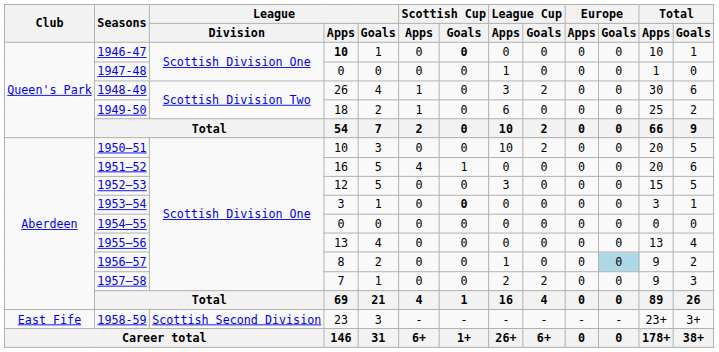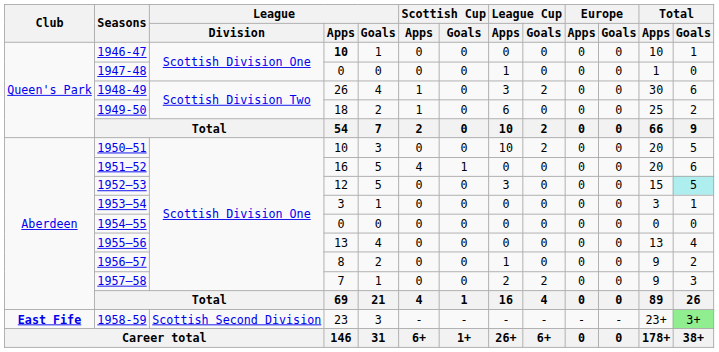 <table class=wikitable style="text-align: center;">
 <tr>
 <th rowspan="2">Club</th>
 <th rowspan="2">Seasons</th>
 <th colspan="3">League</th>
 <th colspan="2">Scottish Cup</th>
 <th colspan="2">League Cup</th>
 <th colspan="2">Europe</th>
 <th colspan="2">Total</th>
 </tr>
 <tr>
 <th>Division</th>
 <th>Apps</th>
 <th>Goals</th>
 <th>Apps</th>
 <th>Goals</th>
 <th>Apps</th>
 <th>Goals</th>
 <th>Apps</th>
 <th>Goals</th>
 <th>Apps</th>
 <th>Goals</th>
 </tr>
 <tr>
 <td rowspan="5"><a href='#'>Queen's Park</a></td>
 <td><a href='#'>1946-47</a></td>
 <td rowspan="2"><a href='#'>Scottish Division One</a></td>
 <td><strong>10</strong></td>
 <td>1</td>
 <td>0</td>
-<td><strong>0</strong></td>
+<td>0</td>
 <td>0</td>
 <td>0</td>
 <td>0</td>
 <td>0</td>
 <td>10</td>
 <td>1</td>
 </tr>
 <tr>
 <td><a href='#'>1947-48</a></td>
 <td>0</td>
 <td>0</td>
 <td>0</td>
 <td>0</td>
 <td>1</td>
 <td>0</td>
 <td>0</td>
 <td>0</td>
 <td>1</td>
 <td>0</td>
 </tr>
 <tr>
 <td><a href='#'>1948-49</a></td>
 <td rowspan="2"><a href='#'>Scottish Division Two</a></td>
 <td>26</td>
 <td>4</td>
 <td>1</td>
 <td>0</td>
 <td>3</td>
 <td>2</td>
 <td>0</td>
 <td>0</td>
 <td>30</td>
 <td>6</td>
 </tr>
 <tr>
 <td><a href='#'>1949-50</a></td>
 <td>18</td>
 <td>2</td>
 <td>1</td>
 <td>0</td>
 <td>6</td>
 <td>0</td>
 <td>0</td>
 <td>0</td>
 <td>25</td>
 <td>2</td>
 </tr>
 <tr>
 <th colspan="2">Total</th>
 <th>54</th>
 <th>7</th>
 <th>2</th>
 <th>0</th>
 <th>10</th>
 <th>2</th>
 <th>0</th>
 <th>0</th>
 <th>66</th>
 <th>9</th>
 </tr>
 <tr>
 <td rowspan="9"><a href='#'>Aberdeen</a></td>
 <td><a href='#'>1950–51</a></td>
 <td rowspan="8"><a href='#'>Scottish Division One</a></td>
 <td>10</td>
 <td>3</td>
 <td>0</td>
 <td>0</td>
 <td>10</td>
 <td>2</td>
 <td>0</td>
 <td>0</td>
 <td>20</td>
 <td>5</td>
 </tr>
 <tr>
 <td><a href='#'>1951–52</a></td>
 <td>16</td>
 <td>5</td>
 <td>4</td>
 <td>1</td>
 <td>0</td>
 <td>0</td>
 <td>0</td>
 <td>0</td>
 <td>20</td>
 <td>6</td>
 </tr>
 <tr>
 <td><a href='#'>1952–53</a></td>
 <td>12</td>
 <td>5</td>
 <td>0</td>
 <td>0</td>
 <td>3</td>
 <td>0</td>
 <td>0</td>
 <td>0</td>
 <td>15</td>
-<td>5</td>
+<td style="background: paleturquoise;">5</td>
 </tr>
 <tr>
 <td><a href='#'>1953–54</a></td>
 <td>3</td>
 <td>1</td>
 <td>0</td>
-<td><strong>0</strong></td>
+<td>0</td>
 <td>0</td>
 <td>0</td>
 <td>0</td>
 <td>0</td>
 <td>3</td>
 <td>1</td>
 </tr>
 <tr>
 <td><a href='#'>1954–55</a></td>
 <td>0</td>
 <td>0</td>
 <td>0</td>
 <td>0</td>
 <td>0</td>
 <td>0</td>
 <td>0</td>
 <td>0</td>
 <td>0</td>
 <td>0</td>
 </tr>
 <tr>
 <td><a href='#'>1955–56</a></td>
 <td>13</td>
 <td>4</td>
 <td>0</td>
 <td>0</td>
 <td>0</td>
 <td>0</td>
 <td>0</td>
 <td>0</td>
 <td>13</td>
 <td>4</td>
 </tr>
 <tr>
 <td><a href='#'>1956–57</a></td>
 <td>8</td>
 <td>2</td>
 <td>0</td>
 <td>0</td>
 <td>1</td>
 <td>0</td>
 <td>0</td>
-<td style="background: lightblue;">0</td>
+<td>0</td>
 <td>9</td>
 <td>2</td>
 </tr>
 <tr>
 <td><a href='#'>1957–58</a></td>
 <td>7</td>
 <td>1</td>
 <td>0</td>
 <td>0</td>
 <td>2</td>
 <td>2</td>
 <td>0</td>
 <td>0</td>
 <td>9</td>
 <td>3</td>
 </tr>
 <tr>
 <th colspan="2">Total</th>
 <th>69</th>
 <th>21</th>
 <th>4</th>
 <th>1</th>
 <th>16</th>
 <th>4</th>
 <th>0</th>
 <th>0</th>
 <th>89</th>
 <th>26</th>
 </tr>
 <tr>
-<td><a href='#'>East Fife</a></td>
+<td><strong><a href='#'>East Fife</a></strong></td>
 <td><a href='#'>1958-59</a></td>
 <td><a href='#'>Scottish Second Division</a></td>
 <td>23</td>
 <td>3</td>
 <td>-</td>
 <td>-</td>
 <td>-</td>
 <td>-</td>
 <td>-</td>
 <td>-</td>
 <td>23+</td>
-<td>3+</td>
+<td style="background: lightgreen;">3+</td>
 </tr>
 <tr>
 <th colspan="3">Career total</th>
 <th>146</th>
 <th>31</th>
 <th>6+</th>
 <th>1+</th>
 <th>26+</th>
 <th>6+</th>
 <th>0</th>
 <th>0</th>
 <th>178+</th>
 <th>38+</th>
 </tr>
 </table>
